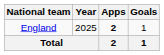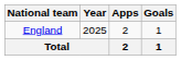 <table class="wikitable" style="text-align: center;">
 <tr>
 <th>National team</th>
 <th>Year</th>
 <th>Apps</th>
 <th>Goals</th>
 </tr>
 <tr>
 <td><a href='#'>England</a></td>
 <td>2025</td>
-<td><strong>2</strong></td>
+<td>2</td>
 <td>1</td>
 </tr>
 <tr>
 <th colspan="2">Total</th>
 <th>2</th>
 <th>1</th>
 </tr>
 </table>
